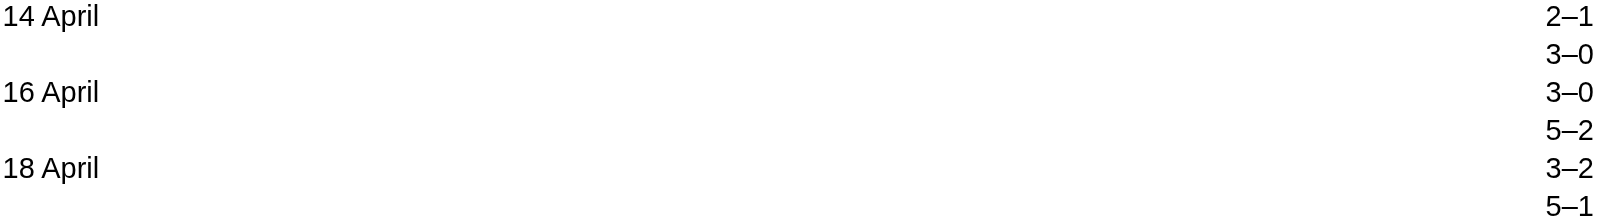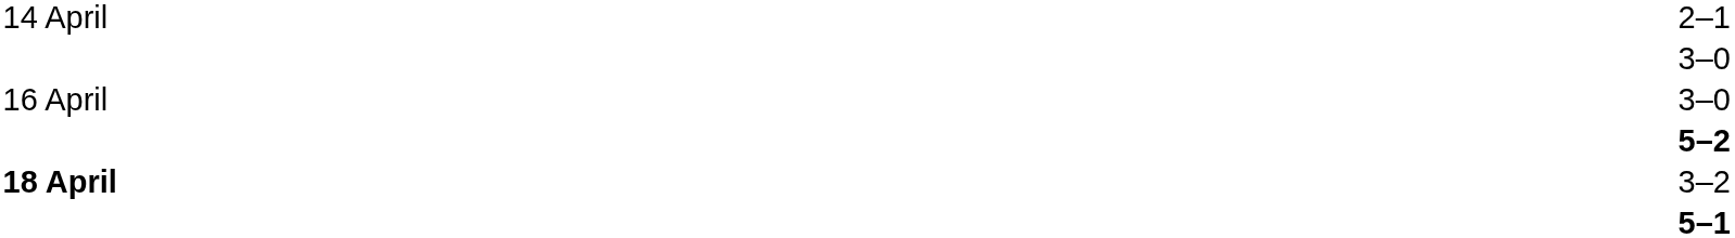 <table cellspacing=1 width=70%>
 <tr>
 <th width=25%></th>
 <th width=30%></th>
 <th width=15%></th>
 <th width=30%></th>
 </tr>
 <tr>
 <td>14 April</td>
 <td align=right></td>
 <td align=center>2–1</td>
 <td></td>
 </tr>
 <tr>
 <td></td>
 <td align=right></td>
 <td align=center>3–0</td>
 <td></td>
 </tr>
 <tr>
 <td>16 April</td>
 <td align=right></td>
 <td align=center>3–0</td>
 <td></td>
 </tr>
 <tr>
 <td></td>
 <td align=right></td>
-<td align=center>5–2</td>
+<td align=center><strong>5–2</strong></td>
 <td></td>
 </tr>
 <tr>
-<td>18 April</td>
+<td><strong>18 April</strong></td>
 <td align=right></td>
 <td align=center>3–2</td>
 <td></td>
 </tr>
 <tr>
 <td></td>
 <td align=right></td>
-<td align=center>5–1</td>
+<td align=center><strong>5–1</strong></td>
 <td></td>
 </tr>
 </table>
